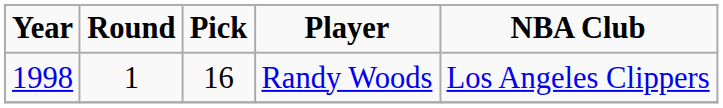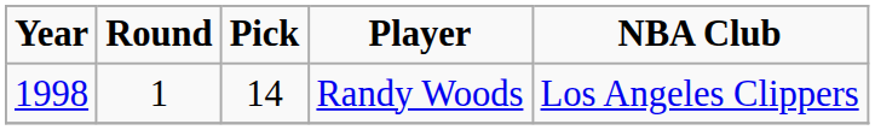 <table class="wikitable">
 <tr align="center">
 <td><strong>Year</strong></td>
 <td><strong>Round</strong></td>
 <td><strong>Pick</strong></td>
 <td><strong>Player</strong></td>
 <td><strong>NBA Club</strong></td>
 </tr>
 <tr align="center" bgcolor="">
 <td><a href='#'>1998</a></td>
 <td>1</td>
-<td>16</td>
+<td>14</td>
 <td><a href='#'>Randy Woods</a></td>
 <td><a href='#'>Los Angeles Clippers</a></td>
 </tr>
 <tr align="center" bgcolor="">
 </tr>
 </table>
